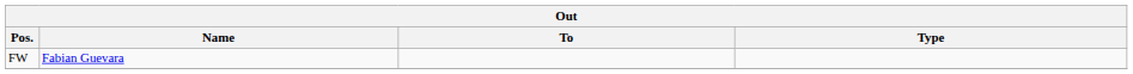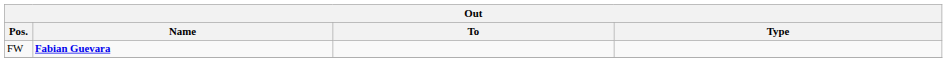 <table class="wikitable" style="font-size:90%;width:99%;">
 <tr>
 <th colspan="4">Out</th>
 </tr>
 <tr>
 <th width=3%>Pos.</th>
 <th width=32%>Name</th>
 <th width=30%>To</th>
 <th width=35%>Type</th>
 </tr>
 <tr>
 <td>FW</td>
-<td><a href='#'>Fabian Guevara</a></td>
+<td><strong><a href='#'>Fabian Guevara</a></strong></td>
 <td></td>
 <td></td>
 </tr>
 <tr>
 </tr>
 </table>
